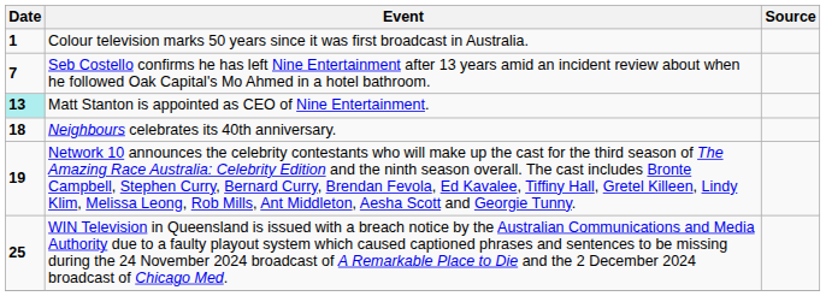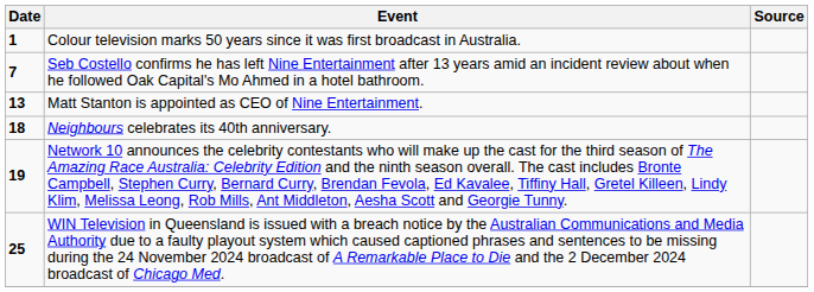 <table class="wikitable">
 <tr>
 <th>Date</th>
 <th>Event</th>
 <th>Source</th>
 </tr>
 <tr>
 <td><strong>1</strong></td>
 <td>Colour television marks 50 years since it was first broadcast in Australia.</td>
 <td></td>
 </tr>
 <tr>
 <td><strong>7</strong></td>
 <td><a href='#'>Seb Costello</a> confirms he has left <a href='#'>Nine Entertainment</a> after 13 years amid an incident review about when he followed Oak Capital's Mo Ahmed in a hotel bathroom.</td>
 <td></td>
 </tr>
 <tr>
-<td style="background: paleturquoise;"><strong>13</strong></td>
+<td><strong>13</strong></td>
 <td>Matt Stanton is appointed as CEO of <a href='#'>Nine Entertainment</a>.</td>
 <td></td>
 </tr>
 <tr>
 <td><strong>18</strong></td>
 <td><em><a href='#'>Neighbours</a></em> celebrates its 40th anniversary.</td>
 <td></td>
 </tr>
 <tr>
 <td><strong>19</strong></td>
 <td><a href='#'>Network 10</a> announces the celebrity contestants who will make up the cast for the third season of <em><a href='#'>The Amazing Race Australia: Celebrity Edition</a></em> and the ninth season overall. The cast includes <a href='#'>Bronte Campbell</a>, <a href='#'>Stephen Curry</a>, <a href='#'>Bernard Curry</a>, <a href='#'>Brendan Fevola</a>, <a href='#'>Ed Kavalee</a>, <a href='#'>Tiffiny Hall</a>, <a href='#'>Gretel Killeen</a>, <a href='#'>Lindy Klim</a>, <a href='#'>Melissa Leong</a>, <a href='#'>Rob Mills</a>, <a href='#'>Ant Middleton</a>, <a href='#'>Aesha Scott</a> and <a href='#'>Georgie Tunny</a>.</td>
 <td></td>
 </tr>
 <tr>
 <td><strong>25</strong></td>
 <td><a href='#'>WIN Television</a> in Queensland is issued with a breach notice by the <a href='#'>Australian Communications and Media Authority</a> due to a faulty playout system which caused captioned phrases and sentences to be missing during the 24 November 2024 broadcast of <em><a href='#'>A Remarkable Place to Die</a></em> and the 2 December 2024 broadcast of <em><a href='#'>Chicago Med</a></em>.</td>
 <td></td>
 </tr>
 <tr>
 </tr>
 </table>
